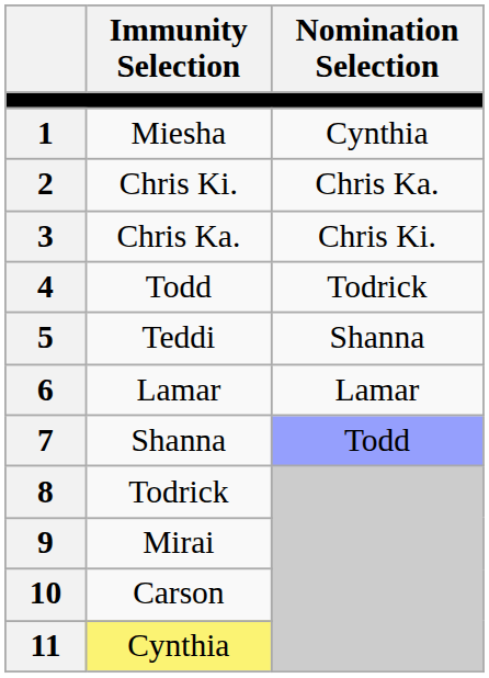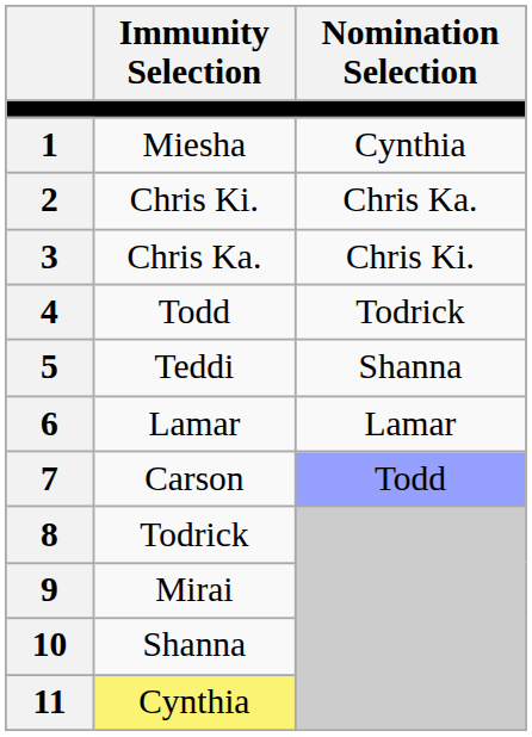 <table class="wikitable" style="text-align:center; width:15%;">
 <tr>
 <th style="width:5%"></th>
 <th width="5%;">Immunity Selection</th>
 <th width="5%;">Nomination Selection</th>
 </tr>
 <tr>
 <th colspan="3" style="background:black;"></th>
 </tr>
 <tr>
 <th>1</th>
 <td>Miesha</td>
 <td>Cynthia</td>
 </tr>
 <tr>
 <th>2</th>
 <td>Chris Ki.</td>
 <td>Chris Ka.</td>
 </tr>
 <tr>
 <th>3</th>
 <td>Chris Ka.</td>
 <td>Chris Ki.</td>
 </tr>
 <tr>
 <th>4</th>
 <td>Todd</td>
 <td>Todrick</td>
 </tr>
 <tr>
 <th>5</th>
 <td>Teddi</td>
 <td>Shanna</td>
 </tr>
 <tr>
 <th>6</th>
 <td>Lamar</td>
 <td>Lamar</td>
 </tr>
 <tr>
 <th>7</th>
-<td>Shanna</td>
+<td>Carson</td>
 <td style="background:#959ffd">Todd</td>
 </tr>
 <tr>
 <th>8</th>
 <td>Todrick</td>
 <td style="background:#cccccc" rowspan=4></td>
 </tr>
 <tr>
 <th>9</th>
 <td>Mirai</td>
 </tr>
 <tr>
 <th>10</th>
-<td>Carson</td>
+<td>Shanna</td>
 </tr>
 <tr>
 <th>11</th>
 <td style="background:#FBF373">Cynthia</td>
 </tr>
 </table>
